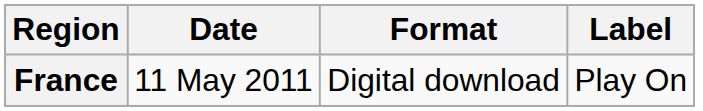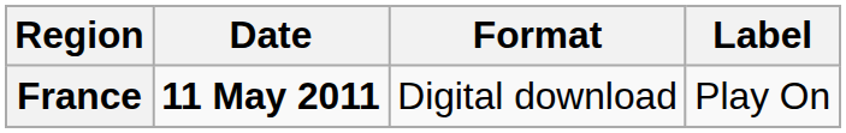 <table class="wikitable sortable plainrowheaders">
 <tr>
 <th scope="col">Region</th>
 <th scope="col">Date</th>
 <th scope="col">Format</th>
 <th scope="col">Label</th>
 </tr>
 <tr>
 <th scope="row">France</th>
-<td>11 May 2011</td>
+<td><strong>11 May 2011</strong></td>
 <td>Digital download</td>
 <td>Play On</td>
 </tr>
 <tr>
 </tr>
 </table>
